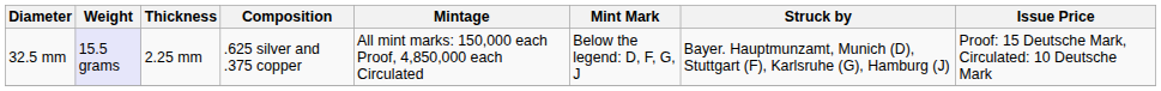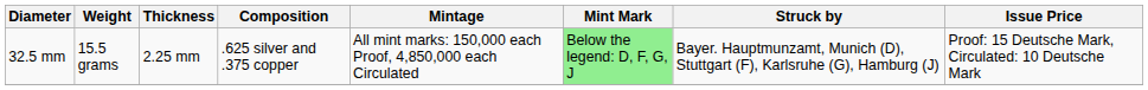 <table class="wikitable">
 <tr>
 <th>Diameter</th>
 <th>Weight</th>
 <th>Thickness</th>
 <th>Composition</th>
 <th>Mintage</th>
 <th>Mint Mark</th>
 <th>Struck by</th>
 <th>Issue Price</th>
 </tr>
 <tr>
 <td>32.5 mm</td>
-<td style="background: lavender;">15.5 grams</td>
+<td>15.5 grams</td>
 <td>2.25 mm</td>
 <td>.625 silver and .375 copper</td>
 <td>All mint marks: 150,000 each Proof, 4,850,000 each Circulated</td>
-<td>Below the legend: D, F, G, J</td>
+<td style="background: lightgreen;">Below the legend: D, F, G, J</td>
 <td>Bayer. Hauptmunzamt, Munich (D), Stuttgart (F), Karlsruhe (G), Hamburg (J)</td>
 <td>Proof: 15 Deutsche Mark, Circulated: 10 Deutsche Mark</td>
 </tr>
 <tr>
 </tr>
 </table>
